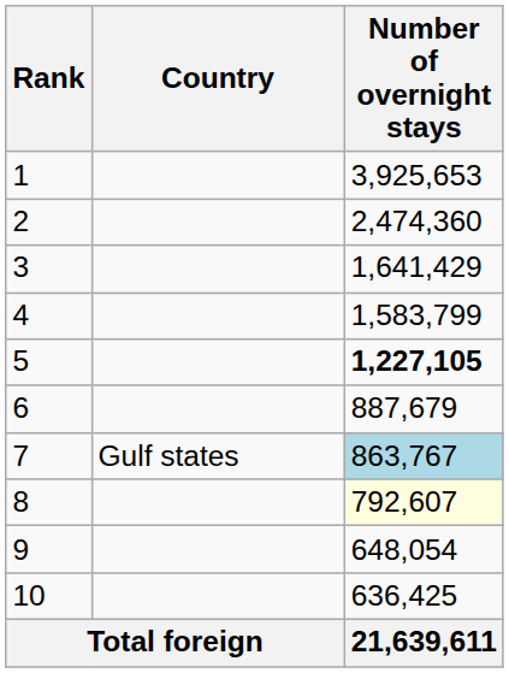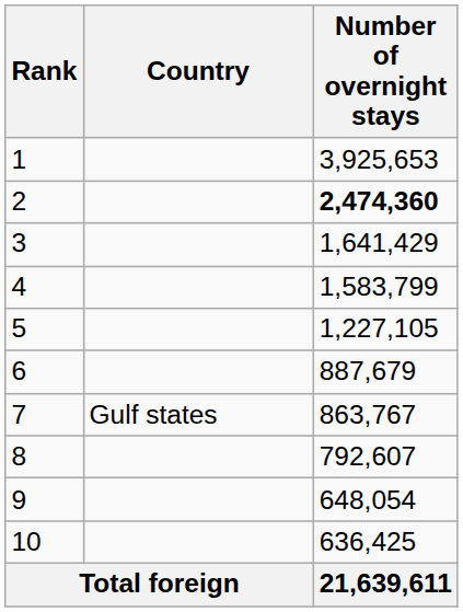 <table class="wikitable">
 <tr>
 <th style="width:5px;">Rank</th>
 <th style="width:130px;">Country</th>
 <th style="width:70px;">Number of overnight stays</th>
 </tr>
 <tr>
 <td>1</td>
 <td></td>
 <td>3,925,653</td>
 </tr>
 <tr>
 <td>2</td>
 <td></td>
-<td>2,474,360</td>
+<td><strong>2,474,360</strong></td>
 </tr>
 <tr>
 <td>3</td>
 <td></td>
 <td>1,641,429</td>
 </tr>
 <tr>
 <td>4</td>
 <td></td>
 <td>1,583,799</td>
 </tr>
 <tr>
 <td>5</td>
 <td></td>
-<td><strong>1,227,105</strong></td>
+<td>1,227,105</td>
 </tr>
 <tr>
 <td>6</td>
 <td></td>
 <td>887,679</td>
 </tr>
 <tr>
 <td>7</td>
 <td> Gulf states</td>
-<td style="background: lightblue;">863,767</td>
+<td>863,767</td>
 </tr>
 <tr>
 <td>8</td>
 <td></td>
-<td style="background: lightyellow;">792,607</td>
+<td>792,607</td>
 </tr>
 <tr>
 <td>9</td>
 <td></td>
 <td>648,054</td>
 </tr>
 <tr>
 <td>10</td>
 <td></td>
 <td>636,425</td>
 </tr>
 <tr>
 <th colspan=2>Total foreign</th>
 <th>21,639,611</th>
 </tr>
 </table>
